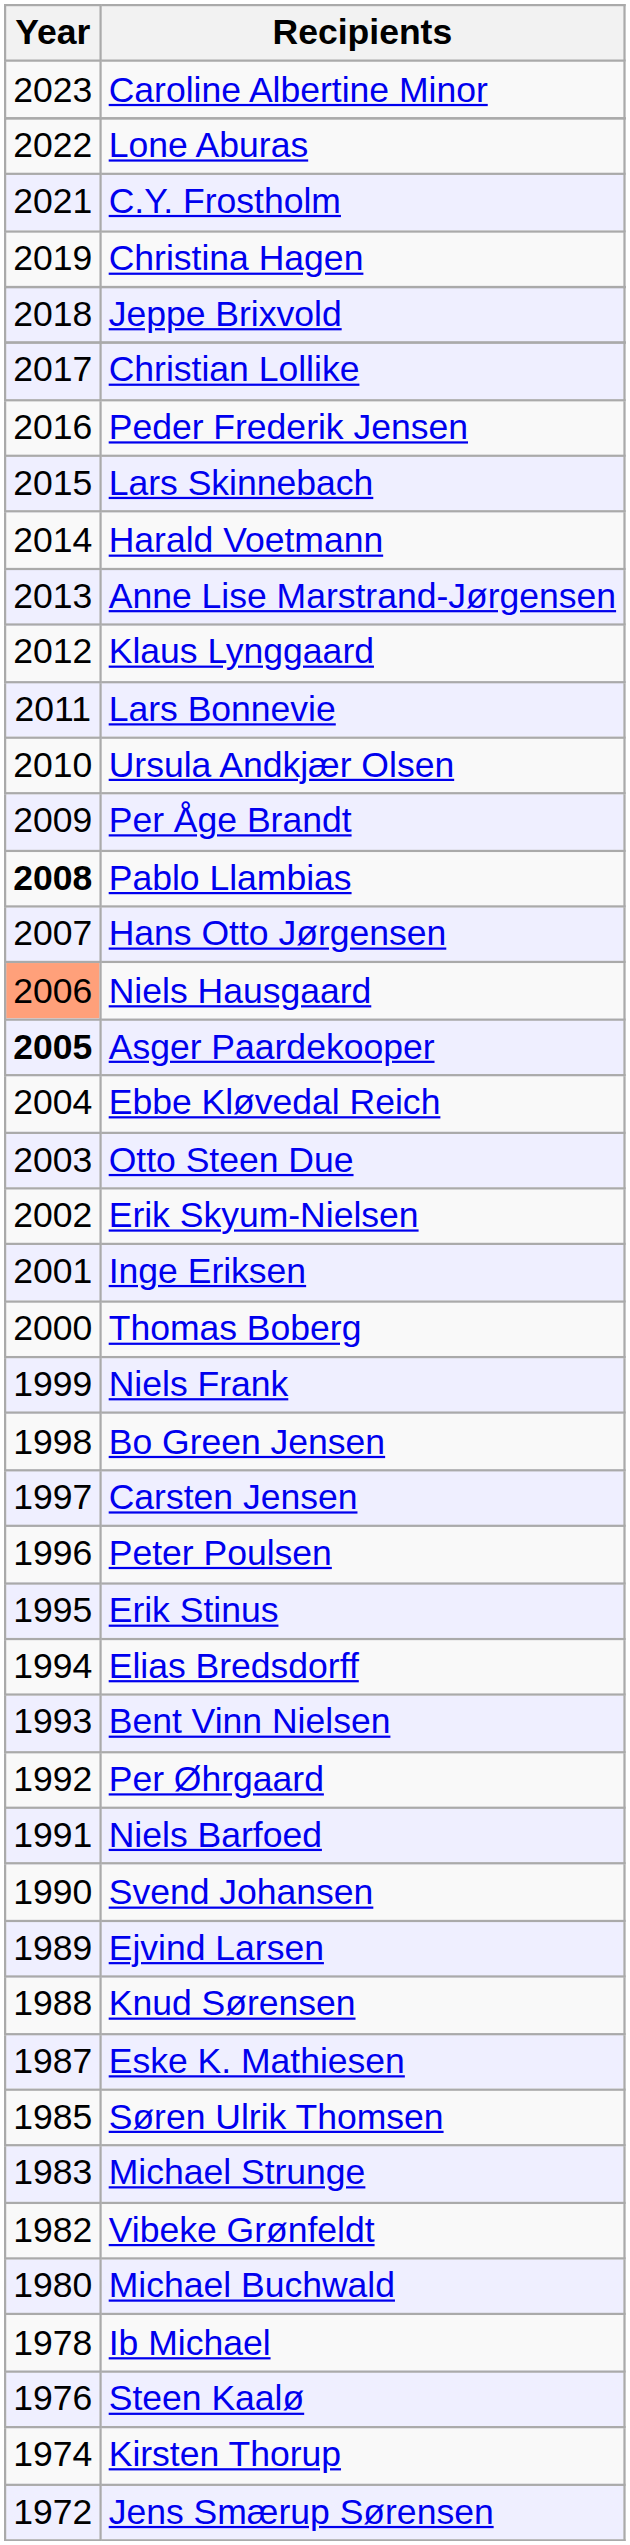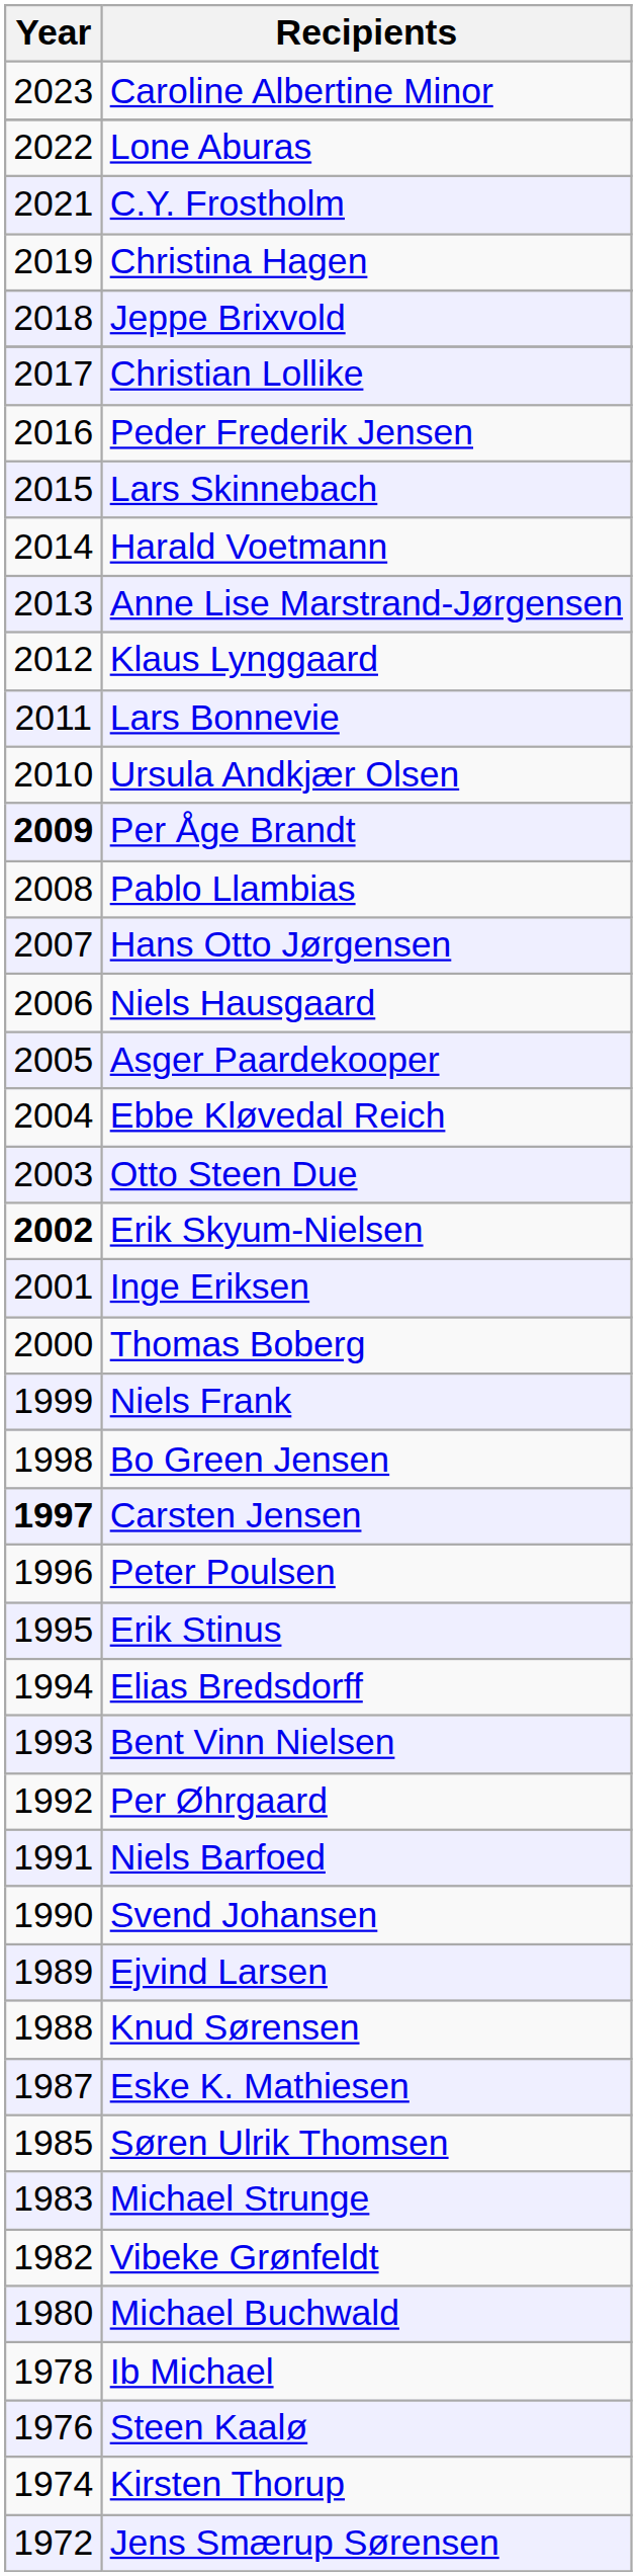 <table class="wikitable sortable">
 <tr>
 <th>Year</th>
 <th>Recipients</th>
 </tr>
 <tr>
 <td align=center>2023</td>
 <td><a href='#'>Caroline Albertine Minor</a></td>
 </tr>
 <tr style="background: #EFEFFF;">
 </tr>
 <tr>
 <td align=center>2022</td>
 <td><a href='#'>Lone Aburas</a></td>
 </tr>
 <tr style="background: #EFEFFF;">
 <td align=center>2021</td>
 <td><a href='#'>C.Y. Frostholm</a></td>
 </tr>
 <tr>
 <td align=center>2019</td>
 <td><a href='#'>Christina Hagen</a></td>
 </tr>
 <tr>
 </tr>
 <tr style="background: #EFEFFF;">
 <td align=center>2018</td>
 <td><a href='#'>Jeppe Brixvold</a></td>
 </tr>
 <tr>
 </tr>
 <tr style="background: #EFEFFF;">
 <td align=center>2017</td>
 <td><a href='#'>Christian Lollike</a></td>
 </tr>
 <tr>
 <td align=center>2016</td>
 <td><a href='#'>Peder Frederik Jensen</a></td>
 </tr>
 <tr style="background: #EFEFFF;">
 <td align=center>2015</td>
 <td><a href='#'>Lars Skinnebach</a></td>
 </tr>
 <tr>
 <td align=center>2014</td>
 <td><a href='#'>Harald Voetmann</a></td>
 </tr>
 <tr style="background: #EFEFFF;">
 <td align=center>2013</td>
 <td><a href='#'>Anne Lise Marstrand-Jørgensen</a></td>
 </tr>
 <tr>
 <td align=center>2012</td>
 <td><a href='#'>Klaus Lynggaard</a></td>
 </tr>
 <tr style="background: #EFEFFF;">
 <td align=center>2011</td>
 <td><a href='#'>Lars Bonnevie</a></td>
 </tr>
 <tr>
 <td align=center>2010</td>
 <td><a href='#'>Ursula Andkjær Olsen</a></td>
 </tr>
 <tr style="background: #EFEFFF;">
-<td align=center>2009</td>
+<td align=center><strong>2009</strong></td>
 <td><a href='#'>Per Åge Brandt</a></td>
 </tr>
 <tr>
-<td align=center><strong>2008</strong></td>
+<td align=center>2008</td>
 <td><a href='#'>Pablo Llambias</a></td>
 </tr>
 <tr style="background: #EFEFFF;">
 <td align=center>2007</td>
 <td><a href='#'>Hans Otto Jørgensen</a></td>
 </tr>
 <tr>
-<td align=center style="background: lightsalmon;">2006</td>
+<td align=center>2006</td>
 <td><a href='#'>Niels Hausgaard</a></td>
 </tr>
 <tr style="background: #EFEFFF;">
-<td align=center><strong>2005</strong></td>
+<td align=center>2005</td>
 <td><a href='#'>Asger Paardekooper</a></td>
 </tr>
 <tr>
 <td align=center>2004</td>
 <td><a href='#'>Ebbe Kløvedal Reich</a></td>
 </tr>
 <tr style="background: #EFEFFF;">
 <td align=center>2003</td>
 <td><a href='#'>Otto Steen Due</a></td>
 </tr>
 <tr>
-<td align=center>2002</td>
+<td align=center><strong>2002</strong></td>
 <td><a href='#'>Erik Skyum-Nielsen</a></td>
 </tr>
 <tr style="background: #EFEFFF;">
 <td align=center>2001</td>
 <td><a href='#'>Inge Eriksen</a></td>
 </tr>
 <tr>
 <td align=center>2000</td>
 <td><a href='#'>Thomas Boberg</a></td>
 </tr>
 <tr style="background: #EFEFFF;">
 <td align=center>1999</td>
 <td><a href='#'>Niels Frank</a></td>
 </tr>
 <tr>
 <td align=center>1998</td>
 <td><a href='#'>Bo Green Jensen</a></td>
 </tr>
 <tr style="background: #EFEFFF;">
-<td align=center>1997</td>
+<td align=center><strong>1997</strong></td>
 <td><a href='#'>Carsten Jensen</a></td>
 </tr>
 <tr>
 <td align=center>1996</td>
 <td><a href='#'>Peter Poulsen</a></td>
 </tr>
 <tr style="background: #EFEFFF;">
 <td align=center>1995</td>
 <td><a href='#'>Erik Stinus</a></td>
 </tr>
 <tr>
 <td align=center>1994</td>
 <td><a href='#'>Elias Bredsdorff</a></td>
 </tr>
 <tr style="background: #EFEFFF;">
 <td align=center>1993</td>
 <td><a href='#'>Bent Vinn Nielsen</a></td>
 </tr>
 <tr>
 <td align=center>1992</td>
 <td><a href='#'>Per Øhrgaard</a></td>
 </tr>
 <tr style="background: #EFEFFF;">
 <td align=center>1991</td>
 <td><a href='#'>Niels Barfoed</a></td>
 </tr>
 <tr>
 <td align=center>1990</td>
 <td><a href='#'>Svend Johansen</a></td>
 </tr>
 <tr style="background: #EFEFFF;">
 <td align=center>1989</td>
 <td><a href='#'>Ejvind Larsen</a></td>
 </tr>
 <tr>
 <td align=center>1988</td>
 <td><a href='#'>Knud Sørensen</a></td>
 </tr>
 <tr style="background: #EFEFFF;">
 <td align=center>1987</td>
 <td><a href='#'>Eske K. Mathiesen</a></td>
 </tr>
 <tr>
 <td align=center>1985</td>
 <td><a href='#'>Søren Ulrik Thomsen</a></td>
 </tr>
 <tr style="background: #EFEFFF;">
 <td align=center>1983</td>
 <td><a href='#'>Michael Strunge</a></td>
 </tr>
 <tr>
 <td align=center>1982</td>
 <td><a href='#'>Vibeke Grønfeldt</a></td>
 </tr>
 <tr style="background: #EFEFFF;">
 <td align=center>1980</td>
 <td><a href='#'>Michael Buchwald</a></td>
 </tr>
 <tr>
 <td align=center>1978</td>
 <td><a href='#'>Ib Michael</a></td>
 </tr>
 <tr style="background: #EFEFFF;">
 <td align=center>1976</td>
 <td><a href='#'>Steen Kaalø</a></td>
 </tr>
 <tr>
 <td align=center>1974</td>
 <td><a href='#'>Kirsten Thorup</a></td>
 </tr>
 <tr style="background: #EFEFFF;">
 <td align=center>1972</td>
 <td><a href='#'>Jens Smærup Sørensen</a></td>
 </tr>
 </table>
